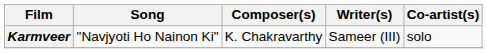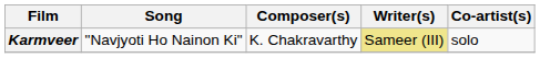 <table class="wikitable sortable">
 <tr>
 <th>Film</th>
 <th>Song</th>
 <th>Composer(s)</th>
 <th>Writer(s)</th>
 <th>Co-artist(s)</th>
 </tr>
 <tr>
 <th><em>Karmveer</em></th>
 <td>"Navjyoti Ho Nainon Ki"</td>
 <td>K. Chakravarthy</td>
-<td>Sameer (III)</td>
+<td style="background: khaki;">Sameer (III)</td>
 <td>solo</td>
 </tr>
 <tr>
 </tr>
 </table>
